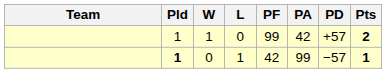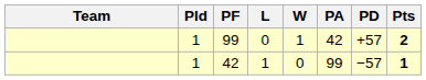 <table class=wikitable style="text-align:center">
 <tr>
 <th width=180>Team</th>
 <th width=30>Pld</th>
+<th width=30>PF</th>
+<th width=30>L</th>
 <th width=30>W</th>
-<th width=30>L</th>
-<th width=30>PF</th>
 <th width=30>PA</th>
 <th width=30>PD</th>
 <th width=30>Pts</th>
 </tr>
 <tr align=center bgcolor="#ffffcc">
 <td align="left"></td>
 <td>1</td>
+<td>99</td>
+<td>0</td>
 <td>1</td>
-<td>0</td>
-<td>99</td>
 <td>42</td>
 <td>+57</td>
 <td><strong>2</strong></td>
 </tr>
 <tr align=center bgcolor="#ffffcc">
 <td align="left"></td>
-<td><strong>1</strong></td>
-<td>0</td>
 <td>1</td>
 <td>42</td>
+<td>1</td>
+<td>0</td>
 <td>99</td>
 <td>−57</td>
 <td><strong>1</strong></td>
 </tr>
 </table>
